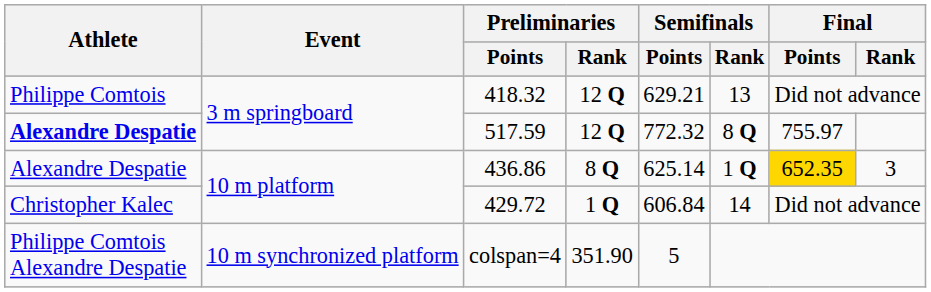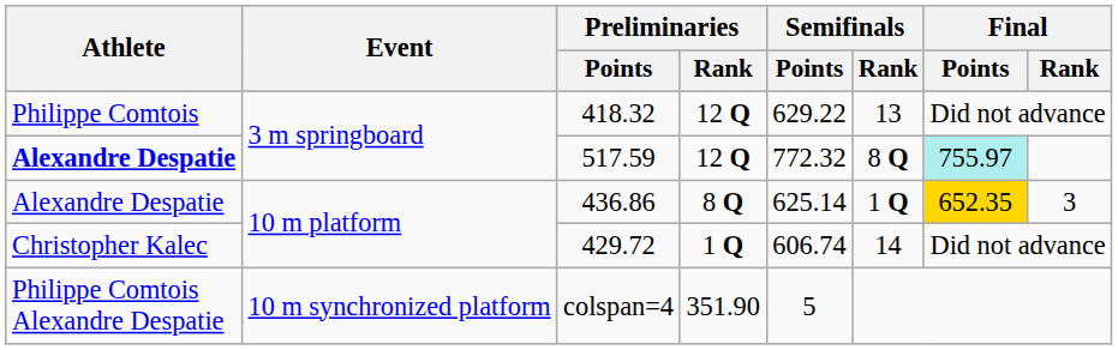 <table class=wikitable style="font-size:90%">
 <tr>
 <th rowspan="2">Athlete</th>
 <th rowspan="2">Event</th>
 <th colspan="2">Preliminaries</th>
 <th colspan="2">Semifinals</th>
 <th colspan="2">Final</th>
 </tr>
 <tr style="font-size:95%">
 <th>Points</th>
 <th>Rank</th>
 <th>Points</th>
 <th>Rank</th>
 <th>Points</th>
 <th>Rank</th>
 </tr>
 <tr align=center>
 <td align=left><a href='#'>Philippe Comtois</a></td>
 <td align=left rowspan=2><a href='#'>3 m springboard</a></td>
 <td>418.32</td>
 <td>12 <strong>Q</strong></td>
-<td>629.21</td>
+<td>629.22</td>
 <td>13</td>
 <td colspan=4>Did not advance</td>
 </tr>
 <tr align=center>
 <td align=left><strong><a href='#'>Alexandre Despatie</a></strong></td>
 <td>517.59</td>
 <td>12 <strong>Q</strong></td>
 <td>772.32</td>
 <td>8 <strong>Q</strong></td>
-<td>755.97</td>
+<td style="background: paleturquoise;">755.97</td>
 <td></td>
 </tr>
 <tr align=center>
 <td align=left><a href='#'>Alexandre Despatie</a></td>
 <td align=left rowspan=2><a href='#'>10 m platform</a></td>
 <td>436.86</td>
 <td>8 <strong>Q</strong></td>
 <td>625.14</td>
 <td>1 <strong>Q</strong></td>
 <td style="background: gold;">652.35</td>
 <td>3</td>
 </tr>
 <tr align=center>
 <td align=left><a href='#'>Christopher Kalec</a></td>
 <td>429.72</td>
 <td>1 <strong>Q</strong></td>
-<td>606.84</td>
+<td>606.74</td>
 <td>14</td>
 <td colspan=4>Did not advance</td>
 </tr>
 <tr align=center>
 <td align=left><a href='#'>Philippe Comtois</a><br><a href='#'>Alexandre Despatie</a></td>
 <td align=left><a href='#'>10 m synchronized platform</a></td>
 <td>colspan=4 </td>
 <td>351.90</td>
 <td>5</td>
 </tr>
 </table>
